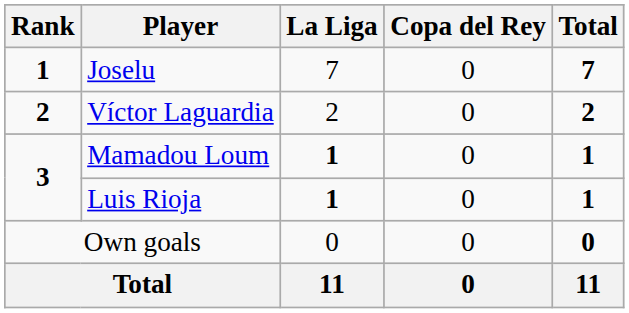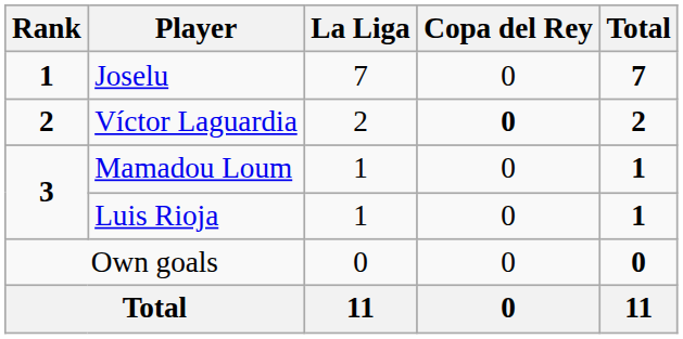 <table class="wikitable" style="text-align:center;">
 <tr>
 <th>Rank</th>
 <th>Player</th>
 <th>La Liga</th>
 <th>Copa del Rey</th>
 <th>Total</th>
 </tr>
 <tr>
 <td><strong>1</strong></td>
 <td align=left> <a href='#'>Joselu</a></td>
 <td>7</td>
 <td>0</td>
 <td><strong>7</strong></td>
 </tr>
 <tr>
 <td><strong>2</strong></td>
 <td align=left> <a href='#'>Víctor Laguardia</a></td>
 <td>2</td>
-<td>0</td>
+<td><strong>0</strong></td>
 <td><strong>2</strong></td>
 </tr>
 <tr>
 <td rowspan=2><strong>3</strong></td>
 <td align=left> <a href='#'>Mamadou Loum</a></td>
-<td><strong>1</strong></td>
+<td>1</td>
 <td>0</td>
 <td><strong>1</strong></td>
 </tr>
 <tr>
 <td align=left> <a href='#'>Luis Rioja</a></td>
-<td><strong>1</strong></td>
+<td>1</td>
 <td>0</td>
 <td><strong>1</strong></td>
 </tr>
 <tr>
 <td align=center colspan=2>Own goals</td>
 <td>0</td>
 <td>0</td>
 <td><strong>0</strong></td>
 </tr>
 <tr>
 <th colspan=2>Total</th>
 <th>11</th>
 <th>0</th>
 <th><strong>11</strong></th>
 </tr>
 </table>
